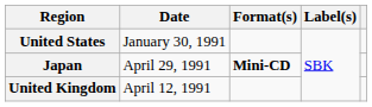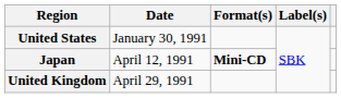 <table class="wikitable plainrowheaders">
 <tr>
 <th scope="col">Region</th>
 <th scope="col">Date</th>
 <th scope="col">Format(s)</th>
 <th scope="col">Label(s)</th>
 <th scope="col"></th>
 </tr>
 <tr>
 <th scope="row">United States</th>
 <td>January 30, 1991</td>
 <td></td>
 <td rowspan="3"><a href='#'>SBK</a></td>
 <td></td>
 </tr>
 <tr>
 <th scope="row">Japan</th>
-<td>April 29, 1991</td>
+<td>April 12, 1991</td>
 <td><strong>Mini-CD</strong></td>
 <td></td>
 </tr>
 <tr>
 <th scope="row">United Kingdom</th>
-<td>April 12, 1991</td>
+<td>April 29, 1991</td>
 <td></td>
 <td></td>
 </tr>
 </table>
